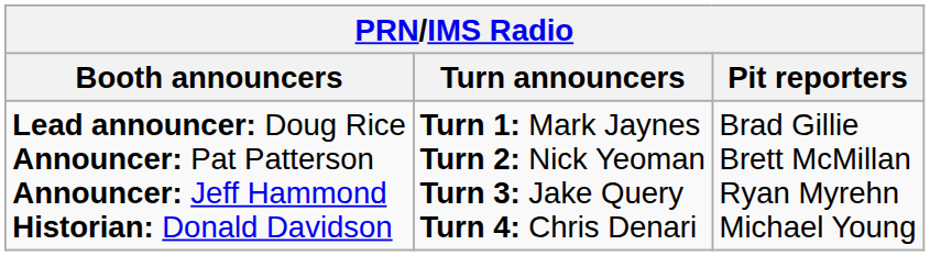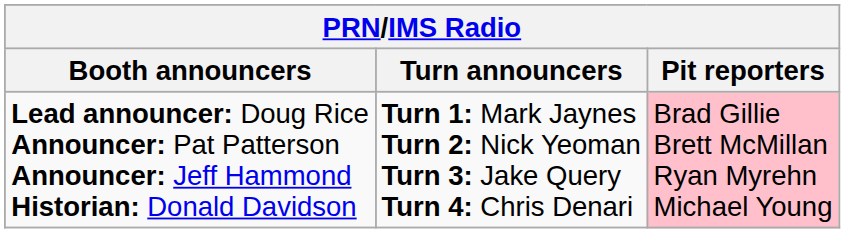 <table class="wikitable" style="font-size: 95%">
 <tr>
 <th colspan="3"><a href='#'>PRN</a>/<a href='#'>IMS Radio</a></th>
 </tr>
 <tr>
 <th>Booth announcers</th>
 <th>Turn announcers</th>
 <th>Pit reporters</th>
 </tr>
 <tr>
 <td><strong>Lead announcer:</strong> Doug Rice<br><strong>Announcer:</strong> Pat Patterson<br><strong>Announcer:</strong> <a href='#'>Jeff Hammond</a><br><strong>Historian:</strong> <a href='#'>Donald Davidson</a></td>
 <td><strong>Turn 1:</strong> Mark Jaynes <br><strong>Turn 2:</strong> Nick Yeoman<br><strong>Turn 3:</strong> Jake Query<br><strong>Turn 4:</strong> Chris Denari</td>
-<td>Brad Gillie<br>Brett McMillan<br>Ryan Myrehn<br>Michael Young</td>
+<td style="background: pink;">Brad Gillie<br>Brett McMillan<br>Ryan Myrehn<br>Michael Young</td>
 </tr>
 </table>
